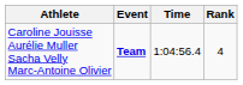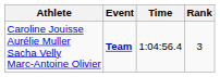 <table class=wikitable style="font-size:90%;">
 <tr>
 <th>Athlete</th>
 <th>Event</th>
 <th>Time</th>
 <th>Rank</th>
 </tr>
 <tr style="text-align:center">
 <td style="text-align:left"><a href='#'>Caroline Jouisse</a><br><a href='#'>Aurélie Muller</a><br><a href='#'>Sacha Velly</a><br><a href='#'>Marc-Antoine Olivier</a></td>
 <td style="text-align:left"><strong><a href='#'>Team</a></strong></td>
 <td>1:04:56.4</td>
-<td>4</td>
+<td>3</td>
 </tr>
 </table>
